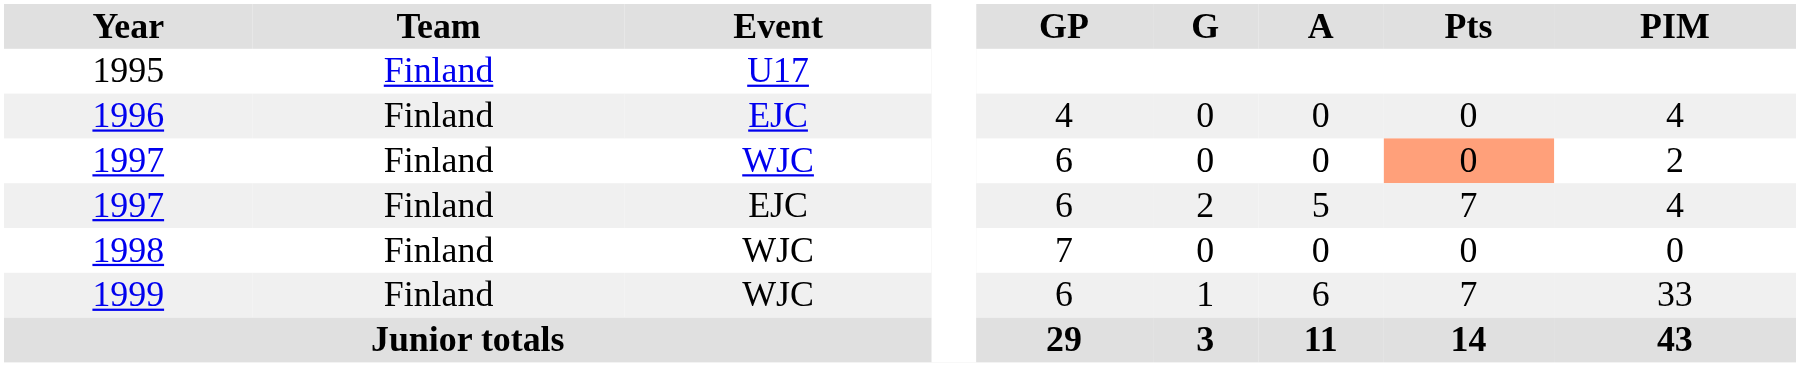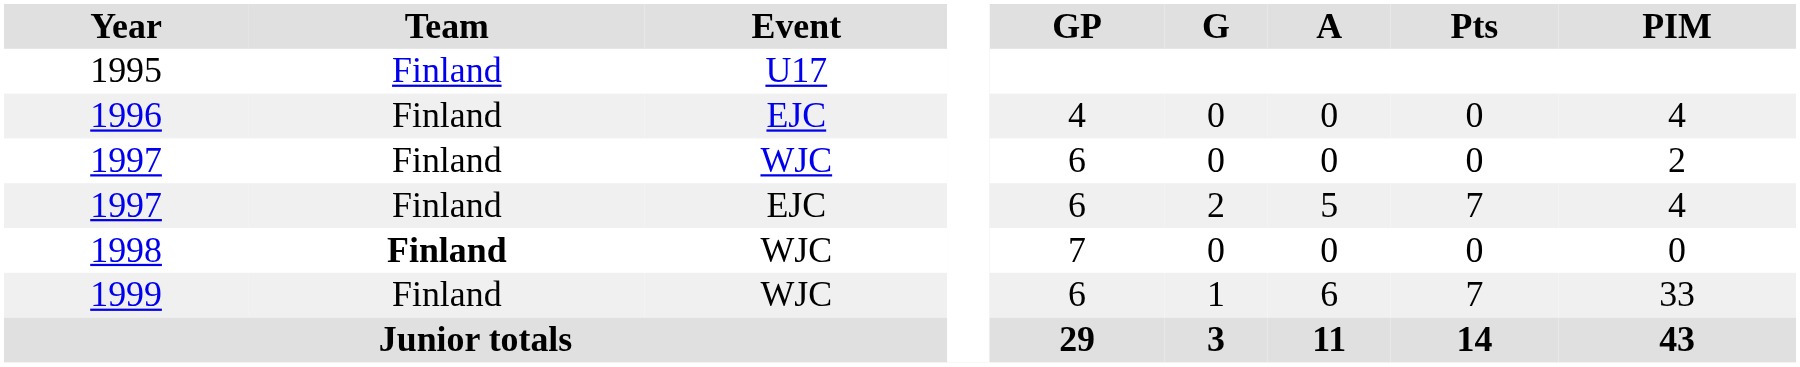 <table border="0" cellpadding="1" cellspacing="0" style="text-align:center; width:50em">
 <tr ALIGN="center" bgcolor="#e0e0e0">
 <th>Year</th>
 <th>Team</th>
 <th>Event</th>
 <th rowspan="99" bgcolor="#ffffff"> </th>
 <th>GP</th>
 <th>G</th>
 <th>A</th>
 <th>Pts</th>
 <th>PIM</th>
 </tr>
 <tr>
 <td>1995</td>
 <td><a href='#'>Finland</a></td>
 <td><a href='#'>U17</a></td>
 <td></td>
 <td></td>
 <td></td>
 <td></td>
 <td></td>
 </tr>
 <tr bgcolor="#f0f0f0">
 <td><a href='#'>1996</a></td>
 <td>Finland</td>
 <td><a href='#'>EJC</a></td>
 <td>4</td>
 <td>0</td>
 <td>0</td>
 <td>0</td>
 <td>4</td>
 </tr>
 <tr>
 <td><a href='#'>1997</a></td>
 <td>Finland</td>
 <td><a href='#'>WJC</a></td>
 <td>6</td>
 <td>0</td>
 <td>0</td>
-<td style="background: lightsalmon;">0</td>
+<td>0</td>
 <td>2</td>
 </tr>
 <tr bgcolor="#f0f0f0">
 <td><a href='#'>1997</a></td>
 <td>Finland</td>
 <td>EJC</td>
 <td>6</td>
 <td>2</td>
 <td>5</td>
 <td>7</td>
 <td>4</td>
 </tr>
 <tr>
 <td><a href='#'>1998</a></td>
-<td>Finland</td>
+<td><strong>Finland</strong></td>
 <td>WJC</td>
 <td>7</td>
 <td>0</td>
 <td>0</td>
 <td>0</td>
 <td>0</td>
 </tr>
 <tr bgcolor="#f0f0f0">
 <td><a href='#'>1999</a></td>
 <td>Finland</td>
 <td>WJC</td>
 <td>6</td>
 <td>1</td>
 <td>6</td>
 <td>7</td>
 <td>33</td>
 </tr>
 <tr bgcolor="#e0e0e0">
 <th colspan="3">Junior totals</th>
 <th>29</th>
 <th>3</th>
 <th>11</th>
 <th>14</th>
 <th>43</th>
 </tr>
 </table>
